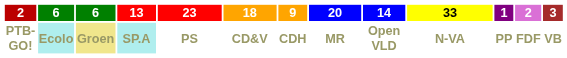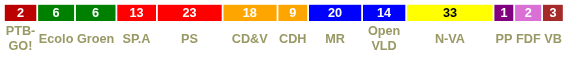 <table style="width:100%; font-size:88%; text-align:center;">
 <tr style="font-weight:bold">
 <td style="background:#BB0000; width:1.20%; color:white">2</td>
 <td style="background:green; width:3.60%; color:white">6</td>
 <td style="background:green; width:3.60%; color:white">6</td>
 <td style="background:red; width:7.80%; color:white">13</td>
 <td style="background:red; width:14.40%; color:white">23</td>
 <td style="background:orange; width:10.80%; color:white">18</td>
 <td style="background:orange; width:5.40%; color:white">9</td>
 <td style="background:blue; width:11.40%; color:white">20</td>
 <td style="background:blue; width:8.40%; color:white">14</td>
 <td style="background:yellow; width:19.80%; color:black">33</td>
 <td style="background:purple; width:1.00%; color:white">1</td>
 <td style="background:orchid; width:1.20%; color:white">2</td>
 <td style="background:brown; width:1.80%; color:white">3</td>
 </tr>
 <tr style="font-weight:bold; color:#996;">
 <td>PTB-GO!</td>
-<td style="background: paleturquoise;">Ecolo</td>
-<td style="background: khaki;">Groen</td>
-<td style="background: paleturquoise;">SP.A</td>
+<td>Ecolo</td>
+<td>Groen</td>
+<td>SP.A</td>
 <td>PS</td>
 <td>CD&V</td>
 <td>CDH</td>
 <td>MR</td>
 <td>Open VLD</td>
 <td>N-VA</td>
 <td>PP</td>
 <td>FDF</td>
 <td>VB</td>
 </tr>
 </table>
